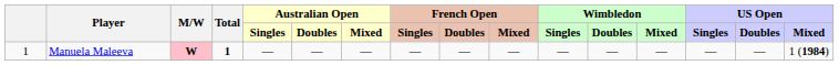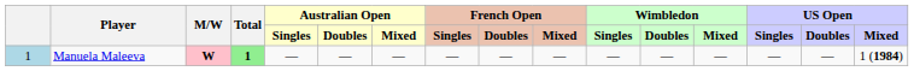 <table class="wikitable mw-datatable sortable" style="text-align:center;">
 <tr>
 <th data-sort-type="number" width="5%" rowspan="2"></th>
 <th width="15%" rowspan="2">Player</th>
 <th width="5%"  rowspan="2">M/W</th>
 <th rowspan="2">Total</th>
 <th colspan="3" style="background:#ffc;">Australian Open</th>
 <th colspan="3" style="background:#ebc2af;">French Open</th>
 <th colspan="3" style="background:#cfc;">Wimbledon</th>
 <th colspan="3" style="background:#ccf;">US Open</th>
 </tr>
 <tr>
 <th style="background:#ffc; width:60px;">Singles</th>
 <th style="background:#ffc; width:60px;">Doubles</th>
 <th style="background:#ffc; width:60px;">Mixed</th>
 <th style="background:#ebc2af; width:60px;">Singles</th>
 <th style="background:#ebc2af; width:60px;">Doubles</th>
 <th style="background:#ebc2af; width:60px;">Mixed</th>
 <th style="background:#cfc; width:60px;">Singles</th>
 <th style="background:#cfc; width:60px;">Doubles</th>
 <th style="background:#cfc; width:60px;">Mixed</th>
 <th style="background:#ccf; width:60px;">Singles</th>
 <th style="background:#ccf; width:60px;">Doubles</th>
 <th style="background:#ccf; width:60px;">Mixed</th>
 </tr>
 <tr>
-<td>1</td>
+<td style="background: lightblue;">1</td>
 <td style="text-align:left"><a href='#'>Manuela Maleeva</a></td>
 <td style="background:pink;"><strong>W</strong></td>
-<td><strong>1</strong></td>
+<td style="background: lightgreen;"><strong>1</strong></td>
 <td>—</td>
 <td>—</td>
 <td>—</td>
 <td>—</td>
 <td>—</td>
 <td>—</td>
 <td>—</td>
 <td>—</td>
 <td>—</td>
 <td>—</td>
 <td>—</td>
 <td>1 (<strong>1984</strong>)</td>
 </tr>
 </table>
